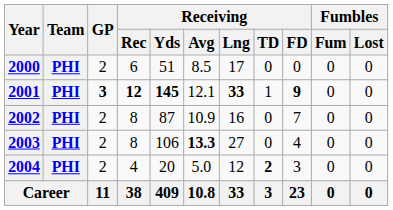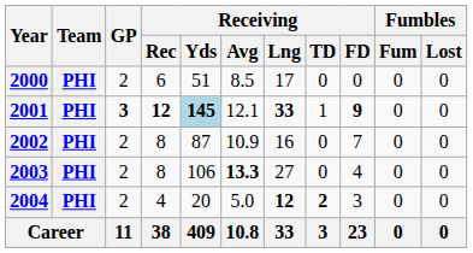 <table class="wikitable" style="text-align:center;">
 <tr>
 <th rowspan="2">Year</th>
 <th rowspan="2">Team</th>
 <th rowspan="2">GP</th>
 <th colspan="6">Receiving</th>
 <th colspan="2">Fumbles</th>
 </tr>
 <tr>
 <th>Rec</th>
 <th>Yds</th>
 <th>Avg</th>
 <th>Lng</th>
 <th>TD</th>
 <th>FD</th>
 <th>Fum</th>
 <th>Lost</th>
 </tr>
 <tr>
 <th><a href='#'>2000</a></th>
 <th><a href='#'>PHI</a></th>
 <td>2</td>
 <td>6</td>
 <td>51</td>
 <td>8.5</td>
 <td>17</td>
 <td>0</td>
 <td>0</td>
 <td>0</td>
 <td>0</td>
 </tr>
 <tr>
 <th><a href='#'>2001</a></th>
 <th><a href='#'>PHI</a></th>
 <td><strong>3</strong></td>
 <td><strong>12</strong></td>
-<td><strong>145</strong></td>
+<td style="background: lightblue;"><strong>145</strong></td>
 <td>12.1</td>
 <td><strong>33</strong></td>
 <td>1</td>
 <td><strong>9</strong></td>
 <td>0</td>
 <td>0</td>
 </tr>
 <tr>
 <th><a href='#'>2002</a></th>
 <th><a href='#'>PHI</a></th>
 <td>2</td>
 <td>8</td>
 <td>87</td>
 <td>10.9</td>
 <td>16</td>
 <td>0</td>
 <td>7</td>
 <td>0</td>
 <td>0</td>
 </tr>
 <tr>
 <th><a href='#'>2003</a></th>
 <th><a href='#'>PHI</a></th>
 <td>2</td>
 <td>8</td>
 <td>106</td>
 <td><strong>13.3</strong></td>
 <td>27</td>
 <td>0</td>
 <td>4</td>
 <td>0</td>
 <td>0</td>
 </tr>
 <tr>
 <th><a href='#'>2004</a></th>
 <th><a href='#'>PHI</a></th>
 <td>2</td>
 <td>4</td>
 <td>20</td>
 <td>5.0</td>
-<td>12</td>
+<td><strong>12</strong></td>
 <td><strong>2</strong></td>
 <td>3</td>
 <td>0</td>
 <td>0</td>
 </tr>
 <tr>
 <th colspan="2">Career</th>
 <th>11</th>
 <th>38</th>
 <th>409</th>
 <th>10.8</th>
 <th>33</th>
 <th>3</th>
 <th>23</th>
 <th>0</th>
 <th>0</th>
 </tr>
 </table>
